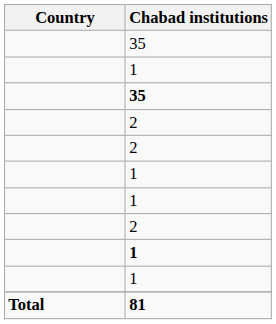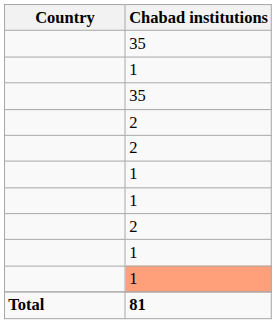 <table class="wikitable sortable">
 <tr>
 <th style="width:110px;">Country</th>
 <th data-sort-type="number">Chabad institutions</th>
 </tr>
 <tr>
 <td style="text-align:left;"></td>
 <td>35</td>
 </tr>
 <tr>
 <td style="text-align:left;"></td>
 <td>1</td>
 </tr>
 <tr>
 <td style="text-align:left;"></td>
-<td><strong>35</strong></td>
+<td>35</td>
 </tr>
 <tr>
 <td style="text-align:left;"></td>
 <td>2</td>
 </tr>
 <tr>
 <td style="text-align:left;"></td>
 <td>2</td>
 </tr>
 <tr>
 <td style="text-align:left;"></td>
 <td>1</td>
 </tr>
 <tr>
 <td style="text-align:left;"></td>
 <td>1</td>
 </tr>
 <tr>
 <td style="text-align:left;"></td>
 <td>2</td>
 </tr>
 <tr>
 <td style="text-align:left;"></td>
-<td><strong>1</strong></td>
+<td>1</td>
 </tr>
 <tr>
 <td style="text-align:left;"></td>
-<td>1</td>
+<td style="background: lightsalmon;">1</td>
 </tr>
 <tr>
 </tr>
 <tr class="sortbottom">
 <td><strong>Total</strong></td>
 <td><strong>81</strong></td>
 </tr>
 </table>
